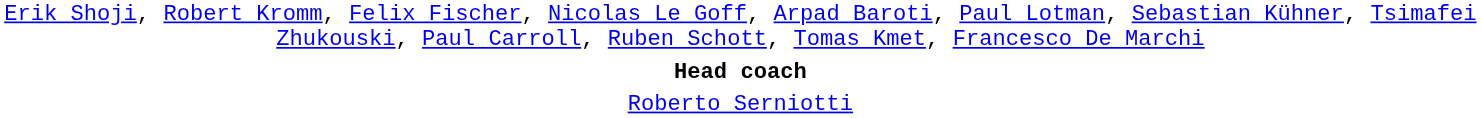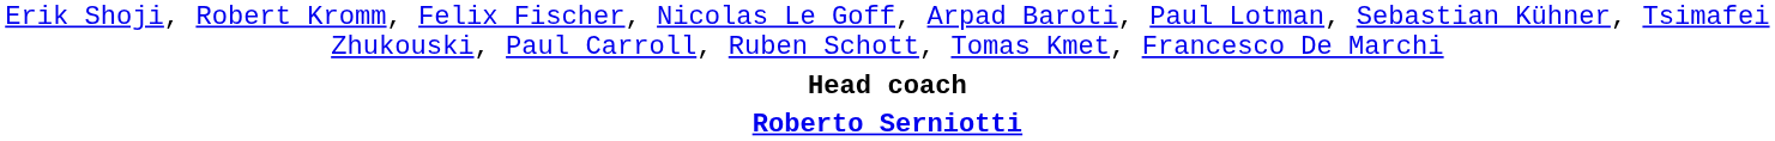 <table style="text-align: center; margin-top: 2em; margin-left: auto; margin-right: auto">
 <tr>
 <td><a href='#'>Erik Shoji</a>, <a href='#'>Robert Kromm</a>, <a href='#'>Felix Fischer</a>, <a href='#'>Nicolas Le Goff</a>, <a href='#'>Arpad Baroti</a>, <a href='#'>Paul Lotman</a>, <a href='#'>Sebastian Kühner</a>, <a href='#'>Tsimafei Zhukouski</a>, <a href='#'>Paul Carroll</a>, <a href='#'>Ruben Schott</a>, <a href='#'>Tomas Kmet</a>, <a href='#'>Francesco De Marchi</a></td>
 </tr>
 <tr>
 <td><strong>Head coach</strong></td>
 </tr>
 <tr>
-<td><a href='#'>Roberto Serniotti</a></td>
+<td><strong><a href='#'>Roberto Serniotti</a></strong></td>
 </tr>
 </table>
